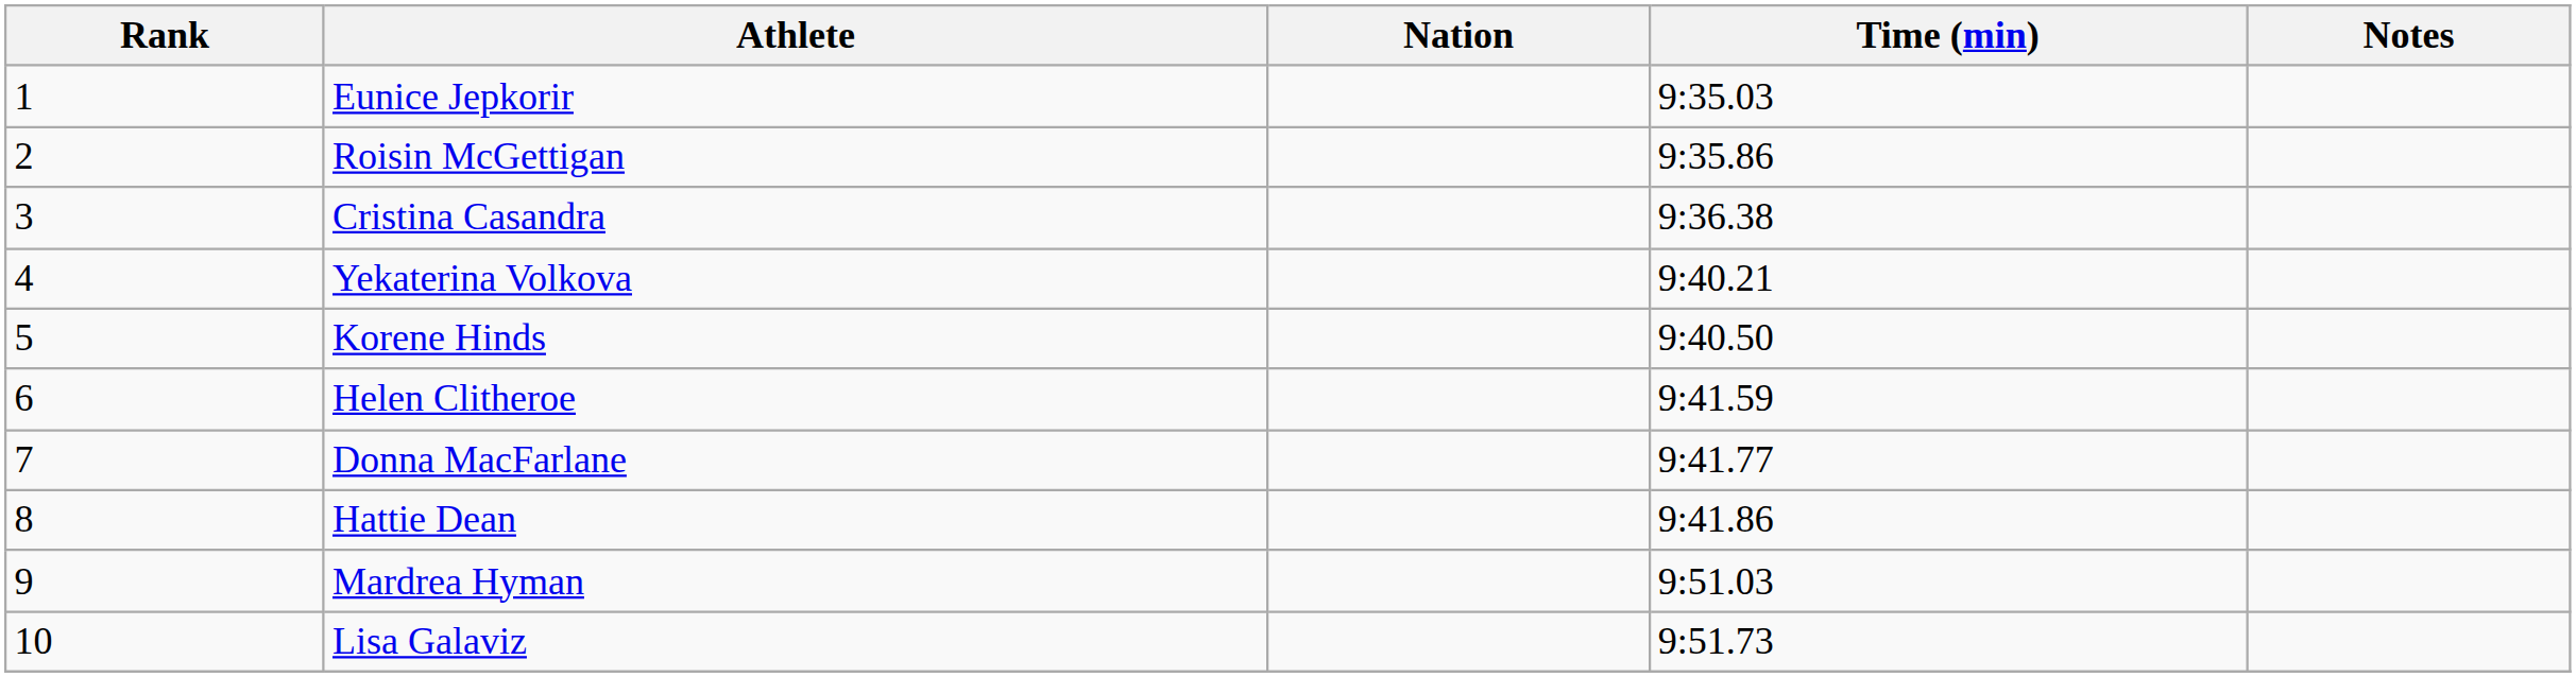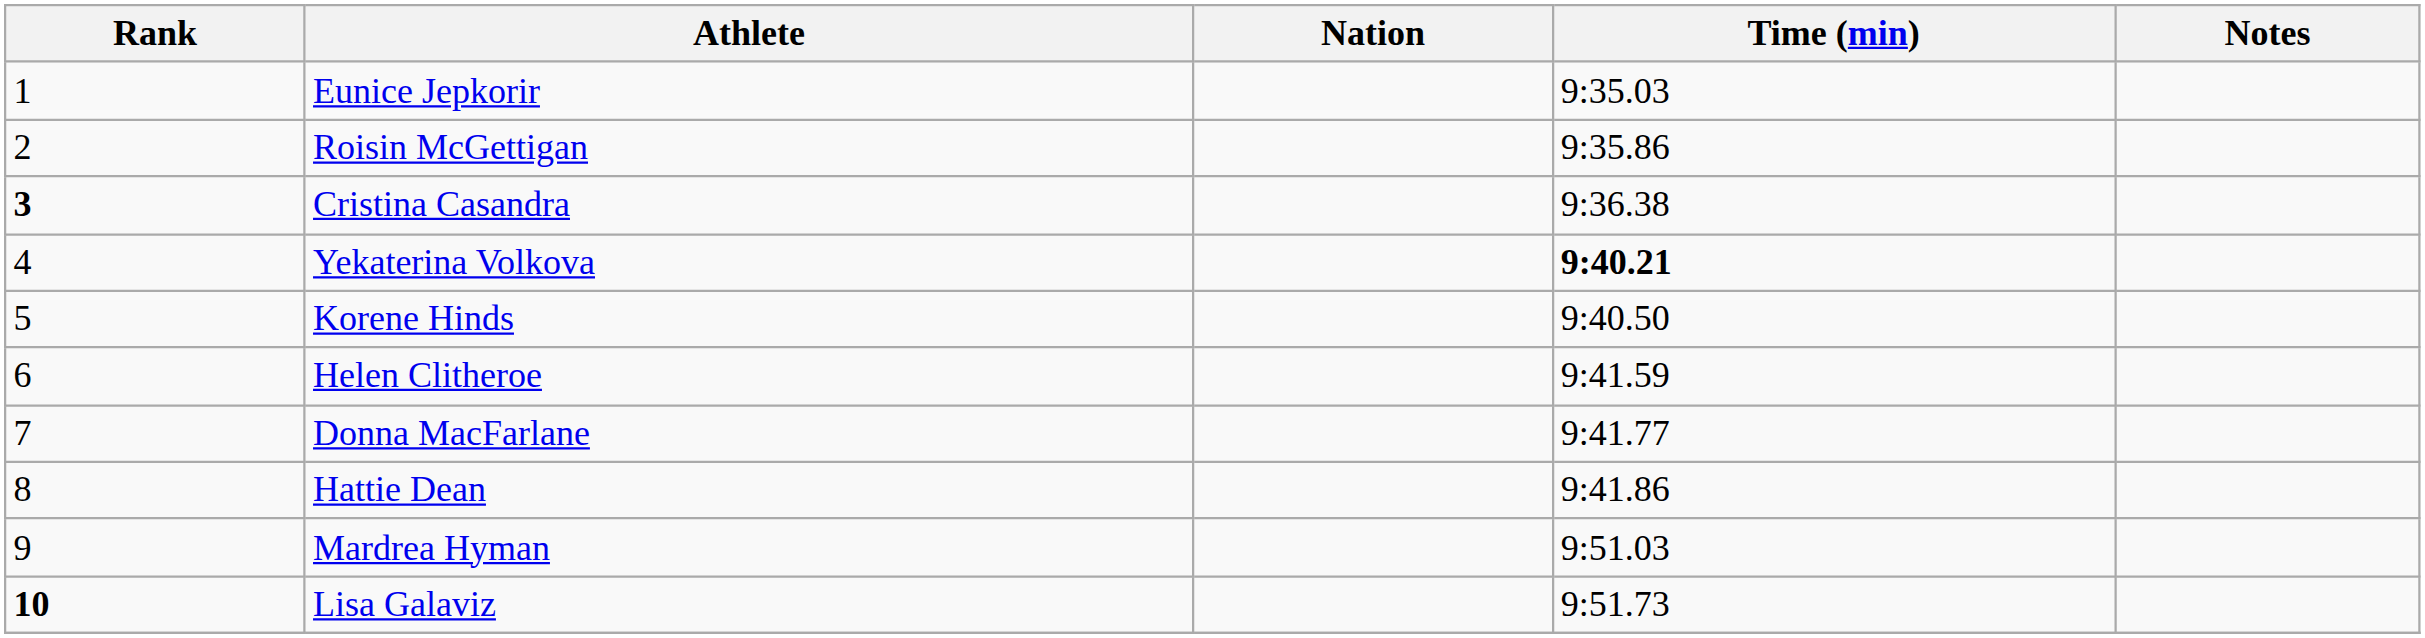 <table class="wikitable" style="text=align:center;" width=85%>
 <tr>
 <th>Rank</th>
 <th>Athlete</th>
 <th>Nation</th>
 <th>Time (<a href='#'>min</a>)</th>
 <th>Notes</th>
 </tr>
 <tr>
 <td>1</td>
 <td><a href='#'>Eunice Jepkorir</a></td>
 <td></td>
 <td>9:35.03</td>
 <td></td>
 </tr>
 <tr>
 <td>2</td>
 <td><a href='#'>Roisin McGettigan</a></td>
 <td></td>
 <td>9:35.86</td>
 <td></td>
 </tr>
 <tr>
-<td>3</td>
+<td><strong>3</strong></td>
 <td><a href='#'>Cristina Casandra</a></td>
 <td></td>
 <td>9:36.38</td>
 <td></td>
 </tr>
 <tr>
 <td>4</td>
 <td><a href='#'>Yekaterina Volkova</a></td>
 <td></td>
-<td>9:40.21</td>
+<td><strong>9:40.21</strong></td>
 <td></td>
 </tr>
 <tr>
 <td>5</td>
 <td><a href='#'>Korene Hinds</a></td>
 <td></td>
 <td>9:40.50</td>
 <td></td>
 </tr>
 <tr>
 <td>6</td>
 <td><a href='#'>Helen Clitheroe</a></td>
 <td></td>
 <td>9:41.59</td>
 <td></td>
 </tr>
 <tr>
 <td>7</td>
 <td><a href='#'>Donna MacFarlane</a></td>
 <td></td>
 <td>9:41.77</td>
 <td></td>
 </tr>
 <tr>
 <td>8</td>
 <td><a href='#'>Hattie Dean</a></td>
 <td></td>
 <td>9:41.86</td>
 <td></td>
 </tr>
 <tr>
 <td>9</td>
 <td><a href='#'>Mardrea Hyman</a></td>
 <td></td>
 <td>9:51.03</td>
 <td></td>
 </tr>
 <tr>
-<td>10</td>
+<td><strong>10</strong></td>
 <td><a href='#'>Lisa Galaviz</a></td>
 <td></td>
 <td>9:51.73</td>
 <td></td>
 </tr>
 <tr>
 </tr>
 </table>
